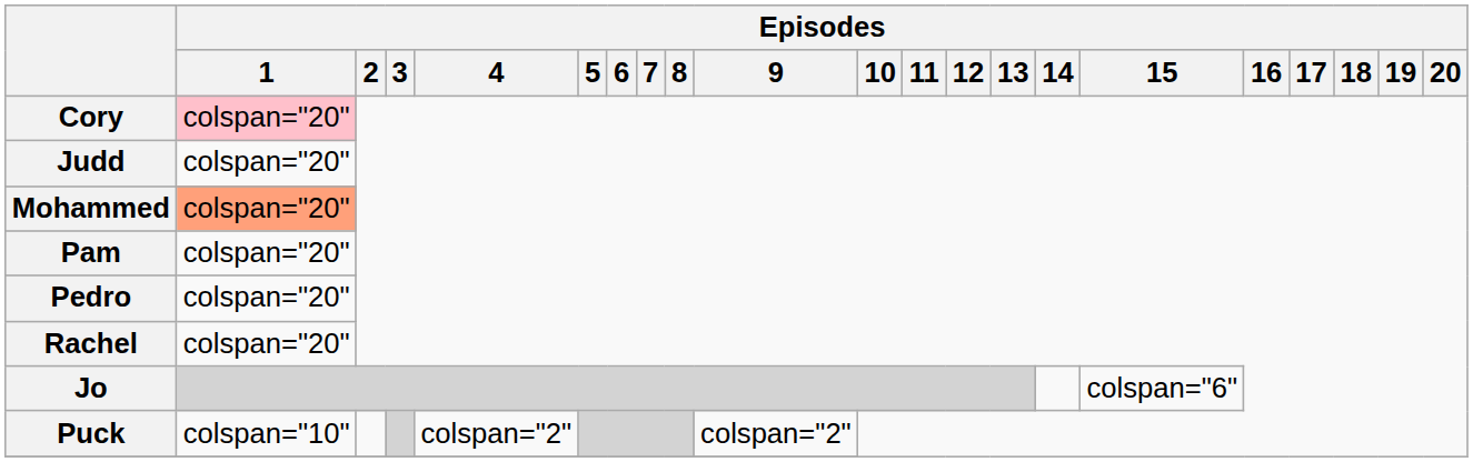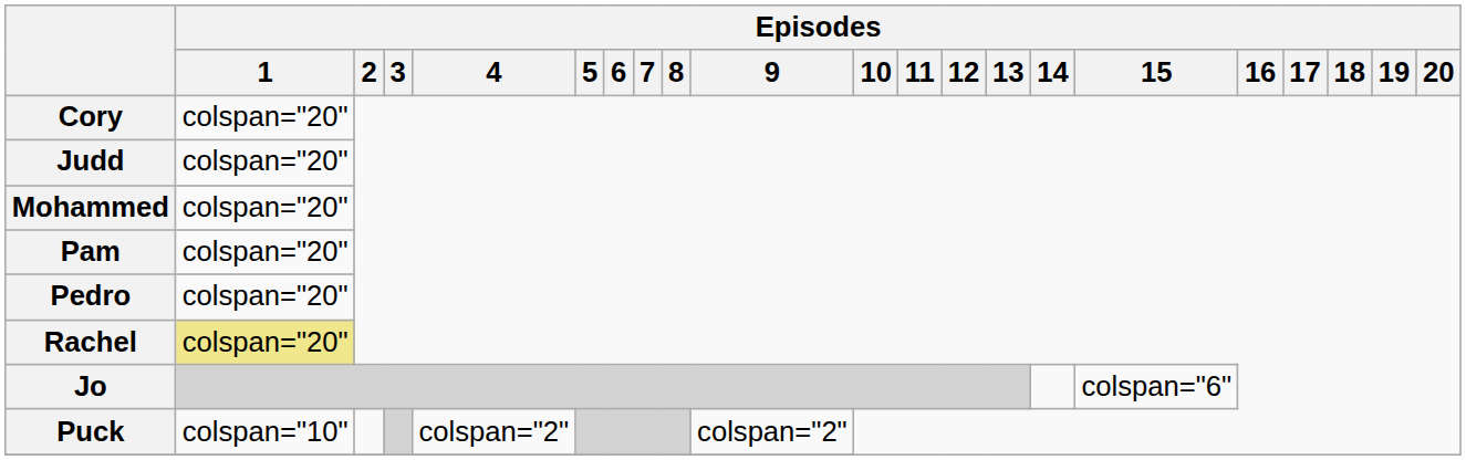 <table class="wikitable" style="text-align:center; width:40%;">
 <tr>
 <th scope="col" rowspan="2" style="width:18%;"></th>
 <th scope="colgroup" colspan="20" style="text-align:center;">Episodes</th>
 </tr>
 <tr>
 <th scope="col" style="width:8%;">1</th>
 <th scope="col" style="width:8%;">2</th>
 <th scope="col" style="width:8%;">3</th>
 <th scope="col" style="width:8%;">4</th>
 <th scope="col" style="width:8%;">5</th>
 <th scope="col" style="width:8%;">6</th>
 <th scope="col" style="width:8%;">7</th>
 <th scope="col" style="width:8%;">8</th>
 <th scope="col" style="width:8%;">9</th>
 <th scope="col" style="width:8%;">10</th>
 <th scope="col" style="width:8%;">11</th>
 <th scope="col" style="width:8%;">12</th>
 <th scope="col" style="width:8%;">13</th>
 <th scope="col" style="width:8%;">14</th>
 <th scope="col" style="width:8%;">15</th>
 <th scope="col" style="width:8%;">16</th>
 <th scope="col" style="width:8%;">17</th>
 <th scope="col" style="width:8%;">18</th>
 <th scope="col" style="width:8%;">19</th>
 <th scope="col" style="width:8%;">20</th>
 </tr>
 <tr>
 <th scope="row">Cory</th>
-<td style="background: pink;">colspan="20" </td>
+<td>colspan="20" </td>
 </tr>
 <tr>
 <th scope="row">Judd</th>
 <td>colspan="20" </td>
 </tr>
 <tr>
 <th scope="row">Mohammed</th>
-<td style="background: lightsalmon;">colspan="20" </td>
+<td>colspan="20" </td>
 </tr>
 <tr>
 <th scope="row">Pam</th>
 <td>colspan="20" </td>
 </tr>
 <tr>
 <th scope="row">Pedro</th>
 <td>colspan="20" </td>
 </tr>
 <tr>
 <th scope="row">Rachel</th>
-<td>colspan="20" </td>
+<td style="background: khaki;">colspan="20" </td>
 </tr>
 <tr>
 <th scope="row">Jo</th>
 <td colspan="13" style="background:lightgray;"></td>
 <td></td>
 <td>colspan="6" </td>
 </tr>
 <tr>
 <th scope="row">Puck</th>
 <td>colspan="10" </td>
 <td></td>
 <td style="background:lightgrey;"></td>
 <td>colspan="2" </td>
 <td colspan="4" style="background:lightgray;"></td>
 <td>colspan="2" </td>
 </tr>
 <tr>
 </tr>
 </table>
